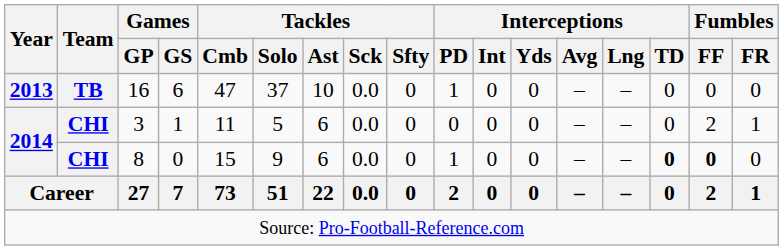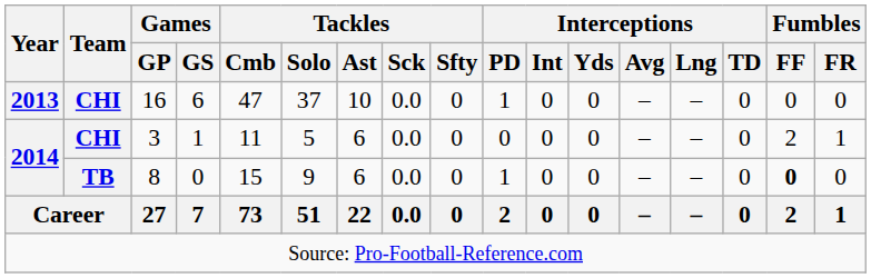 <table class="wikitable" style="text-align: center;">
 <tr>
 <th rowspan="2">Year</th>
 <th rowspan="2">Team</th>
 <th colspan="2">Games</th>
 <th colspan="5">Tackles</th>
 <th colspan="6">Interceptions</th>
 <th colspan="2">Fumbles</th>
 </tr>
 <tr>
 <th>GP</th>
 <th>GS</th>
 <th>Cmb</th>
 <th>Solo</th>
 <th>Ast</th>
 <th>Sck</th>
 <th>Sfty</th>
 <th>PD</th>
 <th>Int</th>
 <th>Yds</th>
 <th>Avg</th>
 <th>Lng</th>
 <th>TD</th>
 <th>FF</th>
 <th>FR</th>
 </tr>
 <tr>
 <th><a href='#'>2013</a></th>
-<th><a href='#'>TB</a></th>
+<th><a href='#'>CHI</a></th>
 <td>16</td>
 <td>6</td>
 <td>47</td>
 <td>37</td>
 <td>10</td>
 <td>0.0</td>
 <td>0</td>
 <td>1</td>
 <td>0</td>
 <td>0</td>
 <td>–</td>
 <td>–</td>
 <td>0</td>
 <td>0</td>
 <td>0</td>
 </tr>
 <tr>
 <th rowspan="2"><a href='#'>2014</a></th>
 <th><a href='#'>CHI</a></th>
 <td>3</td>
 <td>1</td>
 <td>11</td>
 <td>5</td>
 <td>6</td>
 <td>0.0</td>
 <td>0</td>
 <td>0</td>
 <td>0</td>
 <td>0</td>
 <td>–</td>
 <td>–</td>
 <td>0</td>
 <td>2</td>
 <td>1</td>
 </tr>
 <tr>
-<th><a href='#'>CHI</a></th>
+<th><a href='#'>TB</a></th>
 <td>8</td>
 <td>0</td>
 <td>15</td>
 <td>9</td>
 <td>6</td>
 <td>0.0</td>
 <td>0</td>
 <td>1</td>
 <td>0</td>
 <td>0</td>
 <td>–</td>
 <td>–</td>
-<td><strong>0</strong></td>
+<td>0</td>
 <td><strong>0</strong></td>
 <td>0</td>
 </tr>
 <tr>
 <th colspan="2">Career</th>
 <th>27</th>
 <th>7</th>
 <th>73</th>
 <th>51</th>
 <th>22</th>
 <th>0.0</th>
 <th>0</th>
 <th>2</th>
 <th>0</th>
 <th>0</th>
 <th>–</th>
 <th>–</th>
 <th>0</th>
 <th>2</th>
 <th>1</th>
 </tr>
 <tr>
 <td colspan="17"><small>Source: <a href='#'>Pro-Football-Reference.com</a></small></td>
 </tr>
 </table>
